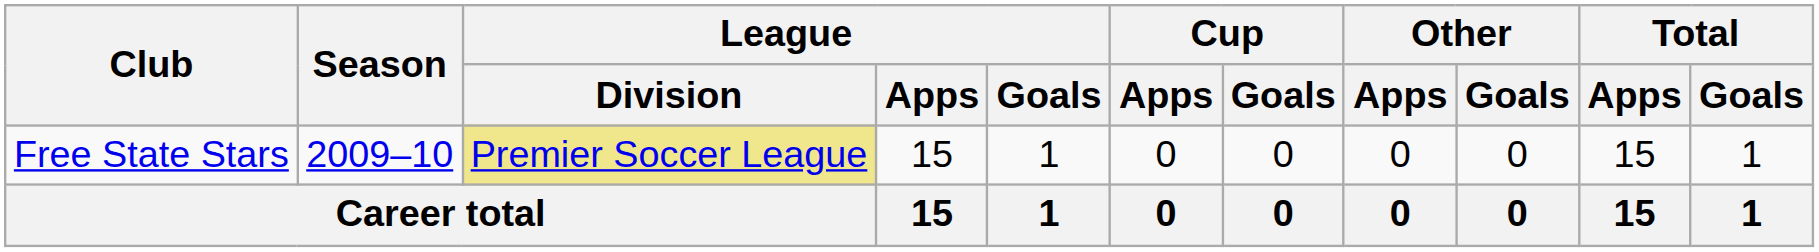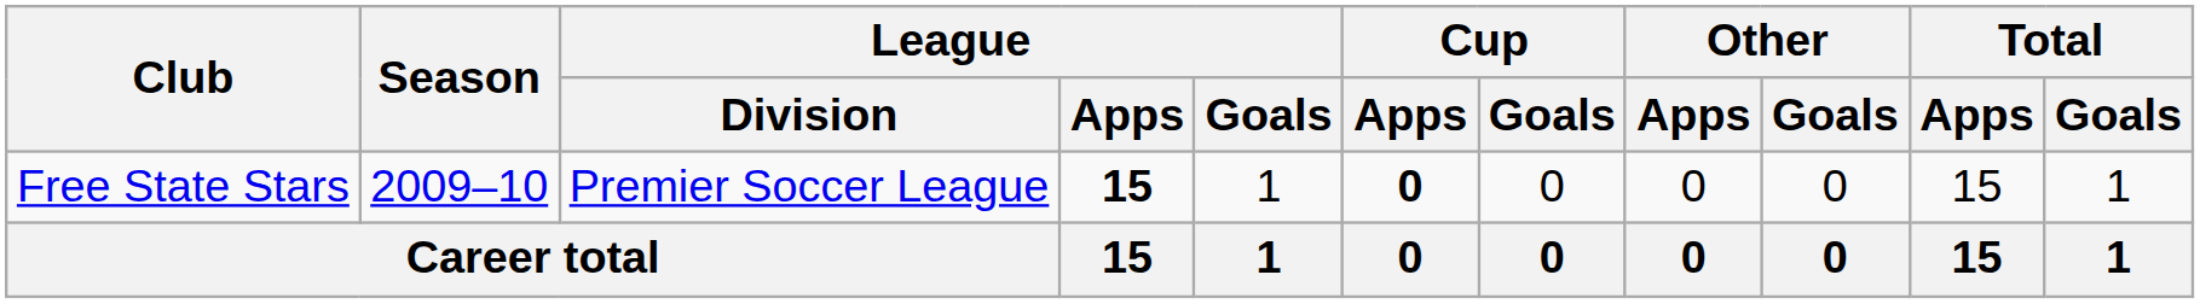 <table class="wikitable" style="text-align: center">
 <tr>
 <th rowspan="2">Club</th>
 <th rowspan="2">Season</th>
 <th colspan="3">League</th>
 <th colspan="2">Cup</th>
 <th colspan="2">Other</th>
 <th colspan="2">Total</th>
 </tr>
 <tr>
 <th>Division</th>
 <th>Apps</th>
 <th>Goals</th>
 <th>Apps</th>
 <th>Goals</th>
 <th>Apps</th>
 <th>Goals</th>
 <th>Apps</th>
 <th>Goals</th>
 </tr>
 <tr>
 <td><a href='#'>Free State Stars</a></td>
 <td><a href='#'>2009–10</a></td>
-<td style="background: khaki;"><a href='#'>Premier Soccer League</a></td>
-<td>15</td>
+<td><a href='#'>Premier Soccer League</a></td>
+<td><strong>15</strong></td>
 <td>1</td>
-<td>0</td>
+<td><strong>0</strong></td>
 <td>0</td>
 <td>0</td>
 <td>0</td>
 <td>15</td>
 <td>1</td>
 </tr>
 <tr>
 <th colspan="3"><strong>Career total</strong></th>
 <th>15</th>
 <th>1</th>
 <th>0</th>
 <th>0</th>
 <th>0</th>
 <th>0</th>
 <th>15</th>
 <th>1</th>
 </tr>
 </table>
